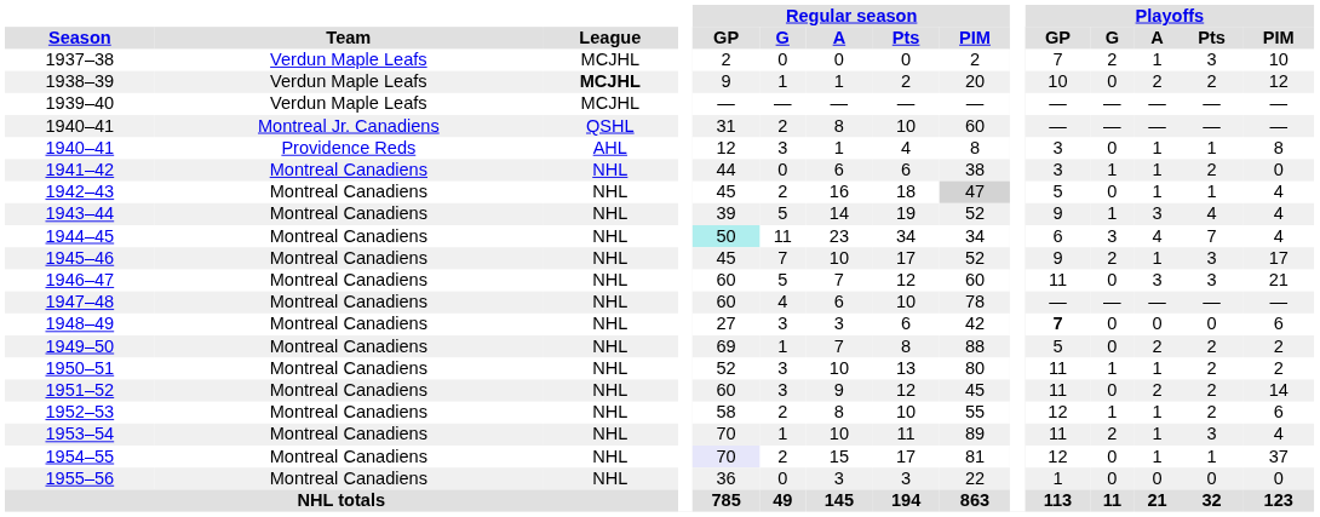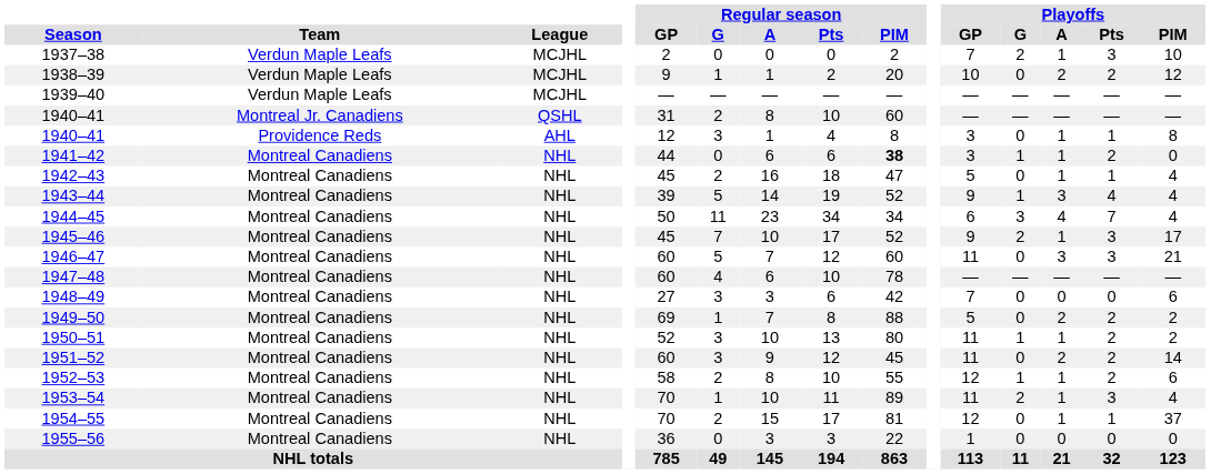 <table border="0" cellpadding="1" cellspacing="0"  style="width:75%; text-align:center;">
 <tr style="background:#e0e0e0;">
 <th colspan="3" style="background:#fff;"> </th>
 <th rowspan="99" style="background:#fff;"> </th>
 <th colspan="5"><a href='#'>Regular season</a></th>
 <th rowspan="99" style="background:#fff;"> </th>
 <th colspan="5"><a href='#'>Playoffs</a></th>
 </tr>
 <tr style="background:#e0e0e0;">
 <th><a href='#'>Season</a></th>
 <th>Team</th>
 <th>League</th>
 <th>GP</th>
 <th><a href='#'>G</a></th>
 <th><a href='#'>A</a></th>
 <th><a href='#'>Pts</a></th>
 <th><a href='#'>PIM</a></th>
 <th>GP</th>
 <th>G</th>
 <th>A</th>
 <th>Pts</th>
 <th>PIM</th>
 </tr>
 <tr>
 <td>1937–38</td>
 <td><a href='#'>Verdun Maple Leafs</a></td>
 <td>MCJHL</td>
 <td>2</td>
 <td>0</td>
 <td>0</td>
 <td>0</td>
 <td>2</td>
 <td>7</td>
 <td>2</td>
 <td>1</td>
 <td>3</td>
 <td>10</td>
 </tr>
 <tr style="background:#f0f0f0;">
 <td>1938–39</td>
 <td>Verdun Maple Leafs</td>
-<td><strong>MCJHL</strong></td>
+<td>MCJHL</td>
 <td>9</td>
 <td>1</td>
 <td>1</td>
 <td>2</td>
 <td>20</td>
 <td>10</td>
 <td>0</td>
 <td>2</td>
 <td>2</td>
 <td>12</td>
 </tr>
 <tr>
 <td>1939–40</td>
 <td>Verdun Maple Leafs</td>
 <td>MCJHL</td>
 <td>—</td>
 <td>—</td>
 <td>—</td>
 <td>—</td>
 <td>—</td>
 <td>—</td>
 <td>—</td>
 <td>—</td>
 <td>—</td>
 <td>—</td>
 </tr>
 <tr style="background:#f0f0f0;">
 <td>1940–41</td>
 <td><a href='#'>Montreal Jr. Canadiens</a></td>
 <td><a href='#'>QSHL</a></td>
 <td>31</td>
 <td>2</td>
 <td>8</td>
 <td>10</td>
 <td>60</td>
 <td>—</td>
 <td>—</td>
 <td>—</td>
 <td>—</td>
 <td>—</td>
 </tr>
 <tr>
 <td><a href='#'>1940–41</a></td>
 <td><a href='#'>Providence Reds</a></td>
 <td><a href='#'>AHL</a></td>
 <td>12</td>
 <td>3</td>
 <td>1</td>
 <td>4</td>
 <td>8</td>
 <td>3</td>
 <td>0</td>
 <td>1</td>
 <td>1</td>
 <td>8</td>
 </tr>
 <tr style="background:#f0f0f0;">
 <td><a href='#'>1941–42</a></td>
 <td><a href='#'>Montreal Canadiens</a></td>
 <td><a href='#'>NHL</a></td>
 <td>44</td>
 <td>0</td>
 <td>6</td>
 <td>6</td>
-<td>38</td>
+<td><strong>38</strong></td>
 <td>3</td>
 <td>1</td>
 <td>1</td>
 <td>2</td>
 <td>0</td>
 </tr>
 <tr>
 <td><a href='#'>1942–43</a></td>
 <td>Montreal Canadiens</td>
 <td>NHL</td>
 <td>45</td>
 <td>2</td>
 <td>16</td>
 <td>18</td>
-<td style="background: lightgrey;">47</td>
+<td>47</td>
 <td>5</td>
 <td>0</td>
 <td>1</td>
 <td>1</td>
 <td>4</td>
 </tr>
 <tr style="background:#f0f0f0;">
 <td><a href='#'>1943–44</a></td>
 <td>Montreal Canadiens</td>
 <td>NHL</td>
 <td>39</td>
 <td>5</td>
 <td>14</td>
 <td>19</td>
 <td>52</td>
 <td>9</td>
 <td>1</td>
 <td>3</td>
 <td>4</td>
 <td>4</td>
 </tr>
 <tr>
 <td><a href='#'>1944–45</a></td>
 <td>Montreal Canadiens</td>
 <td>NHL</td>
-<td style="background: paleturquoise;">50</td>
+<td>50</td>
 <td>11</td>
 <td>23</td>
 <td>34</td>
 <td>34</td>
 <td>6</td>
 <td>3</td>
 <td>4</td>
 <td>7</td>
 <td>4</td>
 </tr>
 <tr style="background:#f0f0f0;">
 <td><a href='#'>1945–46</a></td>
 <td>Montreal Canadiens</td>
 <td>NHL</td>
 <td>45</td>
 <td>7</td>
 <td>10</td>
 <td>17</td>
 <td>52</td>
 <td>9</td>
 <td>2</td>
 <td>1</td>
 <td>3</td>
 <td>17</td>
 </tr>
 <tr>
 <td><a href='#'>1946–47</a></td>
 <td>Montreal Canadiens</td>
 <td>NHL</td>
 <td>60</td>
 <td>5</td>
 <td>7</td>
 <td>12</td>
 <td>60</td>
 <td>11</td>
 <td>0</td>
 <td>3</td>
 <td>3</td>
 <td>21</td>
 </tr>
 <tr style="background:#f0f0f0;">
 <td><a href='#'>1947–48</a></td>
 <td>Montreal Canadiens</td>
 <td>NHL</td>
 <td>60</td>
 <td>4</td>
 <td>6</td>
 <td>10</td>
 <td>78</td>
 <td>—</td>
 <td>—</td>
 <td>—</td>
 <td>—</td>
 <td>—</td>
 </tr>
 <tr>
 <td><a href='#'>1948–49</a></td>
 <td>Montreal Canadiens</td>
 <td>NHL</td>
 <td>27</td>
 <td>3</td>
 <td>3</td>
 <td>6</td>
 <td>42</td>
-<td><strong>7</strong></td>
+<td>7</td>
 <td>0</td>
 <td>0</td>
 <td>0</td>
 <td>6</td>
 </tr>
 <tr style="background:#f0f0f0;">
 <td><a href='#'>1949–50</a></td>
 <td>Montreal Canadiens</td>
 <td>NHL</td>
 <td>69</td>
 <td>1</td>
 <td>7</td>
 <td>8</td>
 <td>88</td>
 <td>5</td>
 <td>0</td>
 <td>2</td>
 <td>2</td>
 <td>2</td>
 </tr>
 <tr>
 <td><a href='#'>1950–51</a></td>
 <td>Montreal Canadiens</td>
 <td>NHL</td>
 <td>52</td>
 <td>3</td>
 <td>10</td>
 <td>13</td>
 <td>80</td>
 <td>11</td>
 <td>1</td>
 <td>1</td>
 <td>2</td>
 <td>2</td>
 </tr>
 <tr style="background:#f0f0f0;">
 <td><a href='#'>1951–52</a></td>
 <td>Montreal Canadiens</td>
 <td>NHL</td>
 <td>60</td>
 <td>3</td>
 <td>9</td>
 <td>12</td>
 <td>45</td>
 <td>11</td>
 <td>0</td>
 <td>2</td>
 <td>2</td>
 <td>14</td>
 </tr>
 <tr>
 <td><a href='#'>1952–53</a></td>
 <td>Montreal Canadiens</td>
 <td>NHL</td>
 <td>58</td>
 <td>2</td>
 <td>8</td>
 <td>10</td>
 <td>55</td>
 <td>12</td>
 <td>1</td>
 <td>1</td>
 <td>2</td>
 <td>6</td>
 </tr>
 <tr style="background:#f0f0f0;">
 <td><a href='#'>1953–54</a></td>
 <td>Montreal Canadiens</td>
 <td>NHL</td>
 <td>70</td>
 <td>1</td>
 <td>10</td>
 <td>11</td>
 <td>89</td>
 <td>11</td>
 <td>2</td>
 <td>1</td>
 <td>3</td>
 <td>4</td>
 </tr>
 <tr>
 <td><a href='#'>1954–55</a></td>
 <td>Montreal Canadiens</td>
 <td>NHL</td>
-<td style="background: lavender;">70</td>
+<td>70</td>
 <td>2</td>
 <td>15</td>
 <td>17</td>
 <td>81</td>
 <td>12</td>
 <td>0</td>
 <td>1</td>
 <td>1</td>
 <td>37</td>
 </tr>
 <tr style="background:#f0f0f0;">
 <td><a href='#'>1955–56</a></td>
 <td>Montreal Canadiens</td>
 <td>NHL</td>
 <td>36</td>
 <td>0</td>
 <td>3</td>
 <td>3</td>
 <td>22</td>
 <td>1</td>
 <td>0</td>
 <td>0</td>
 <td>0</td>
 <td>0</td>
 </tr>
 <tr style="background:#e0e0e0;">
 <th colspan="3">NHL totals</th>
 <th>785</th>
 <th>49</th>
 <th>145</th>
 <th>194</th>
 <th>863</th>
 <th>113</th>
 <th>11</th>
 <th>21</th>
 <th>32</th>
 <th>123</th>
 </tr>
 </table>
